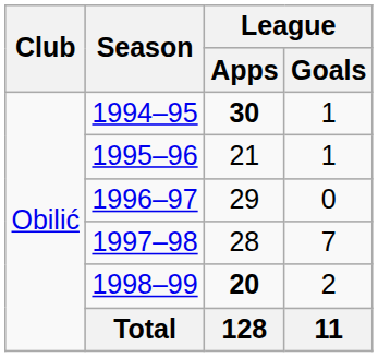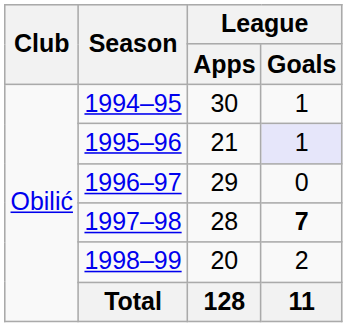 <table class="wikitable" style="text-align:center">
 <tr>
 <th rowspan="2">Club</th>
 <th rowspan="2">Season</th>
 <th colspan="2">League</th>
 </tr>
 <tr>
 <th>Apps</th>
 <th>Goals</th>
 </tr>
 <tr>
 <td rowspan="6"><a href='#'>Obilić</a></td>
 <td><a href='#'>1994–95</a></td>
-<td><strong>30</strong></td>
+<td>30</td>
 <td>1</td>
 </tr>
 <tr>
 <td><a href='#'>1995–96</a></td>
 <td>21</td>
-<td>1</td>
+<td style="background: lavender;">1</td>
 </tr>
 <tr>
 <td><a href='#'>1996–97</a></td>
 <td>29</td>
 <td>0</td>
 </tr>
 <tr>
 <td><a href='#'>1997–98</a></td>
 <td>28</td>
-<td>7</td>
+<td><strong>7</strong></td>
 </tr>
 <tr>
 <td><a href='#'>1998–99</a></td>
-<td><strong>20</strong></td>
+<td>20</td>
 <td>2</td>
 </tr>
 <tr>
 <th>Total</th>
 <th>128</th>
 <th>11</th>
 </tr>
 </table>
